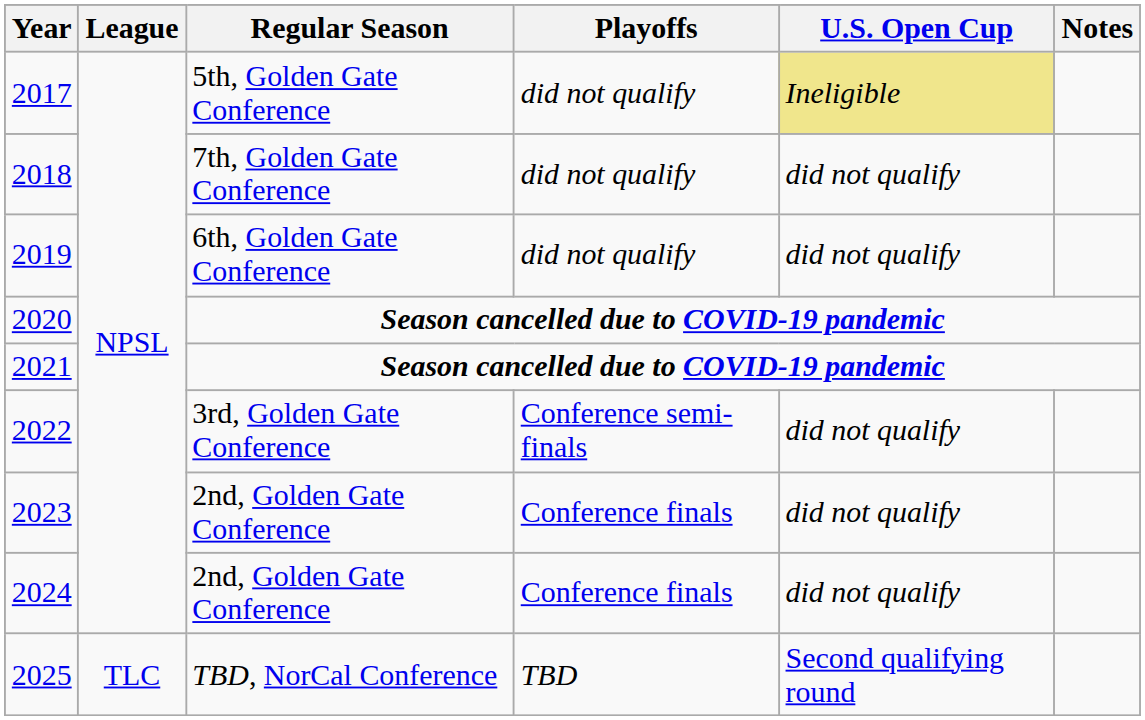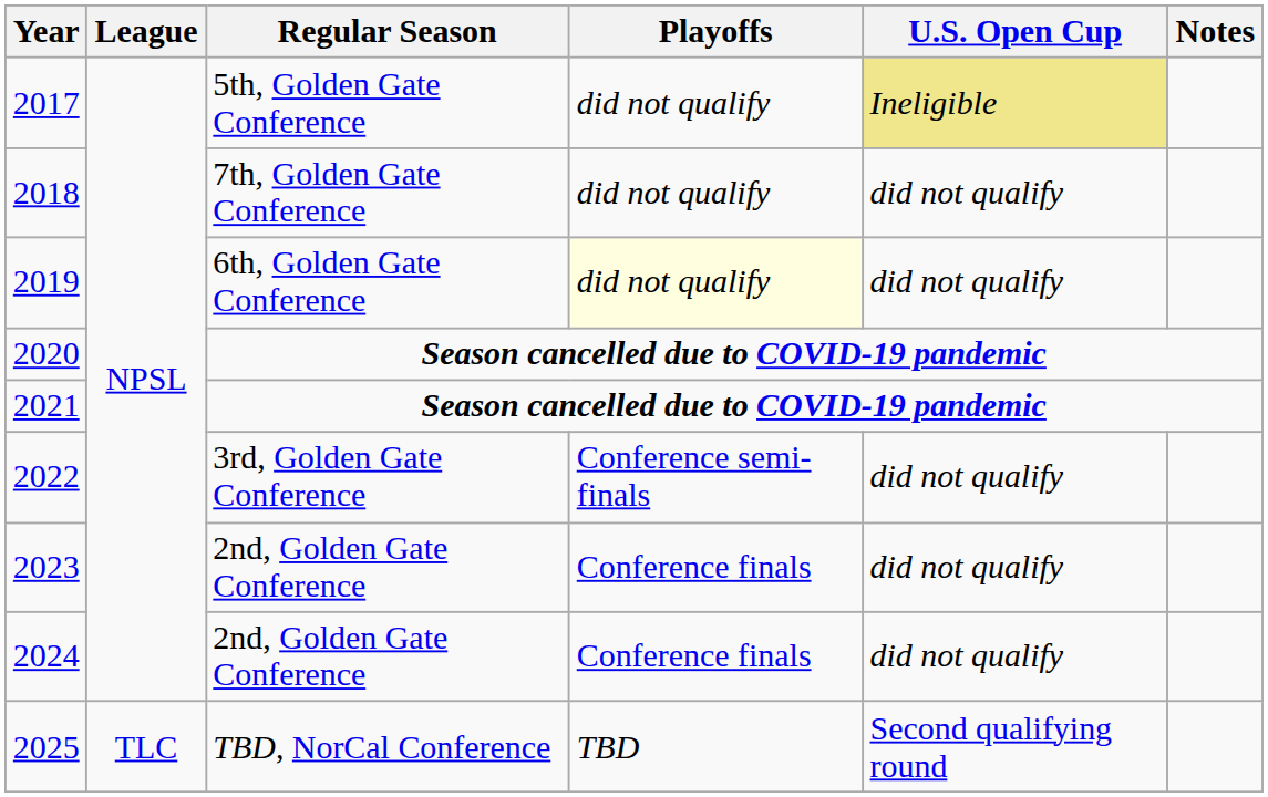 <table class="wikitable">
 <tr>
 <th>Year</th>
 <th>League</th>
 <th>Regular Season</th>
 <th>Playoffs</th>
 <th><a href='#'>U.S. Open Cup</a></th>
 <th>Notes</th>
 </tr>
 <tr>
 <td><a href='#'>2017</a></td>
 <td style="text-align:center;" rowspan="8"><a href='#'>NPSL</a></td>
 <td>5th, <a href='#'>Golden Gate Conference</a></td>
 <td><em>did not qualify</em></td>
 <td style="background: khaki;"><em>Ineligible</em></td>
 <td></td>
 </tr>
 <tr>
 <td><a href='#'>2018</a></td>
 <td>7th, <a href='#'>Golden Gate Conference</a></td>
 <td><em>did not qualify</em></td>
 <td><em>did not qualify</em></td>
 <td></td>
 </tr>
 <tr>
 <td><a href='#'>2019</a></td>
 <td>6th, <a href='#'>Golden Gate Conference</a></td>
-<td><em>did not qualify</em></td>
+<td style="background: lightyellow;"><em>did not qualify</em></td>
 <td><em>did not qualify</em></td>
 <td></td>
 </tr>
 <tr>
 <td><a href='#'>2020</a></td>
 <td colspan="4" style="text-align:center;"><strong><em>Season cancelled due to <a href='#'>COVID-19 pandemic</a></em></strong></td>
 </tr>
 <tr>
 <td><a href='#'>2021</a></td>
 <td colspan="4" style="text-align:center;"><strong><em>Season cancelled due to <a href='#'>COVID-19 pandemic</a></em></strong></td>
 </tr>
 <tr>
 <td><a href='#'>2022</a></td>
 <td>3rd, <a href='#'>Golden Gate Conference</a></td>
 <td><a href='#'>Conference semi-finals</a></td>
 <td><em>did not qualify</em></td>
 <td></td>
 </tr>
 <tr>
 <td><a href='#'>2023</a></td>
 <td>2nd, <a href='#'>Golden Gate Conference</a></td>
 <td><a href='#'>Conference finals</a></td>
 <td><em>did not qualify</em></td>
 <td></td>
 </tr>
 <tr>
 <td><a href='#'>2024</a></td>
 <td>2nd, <a href='#'>Golden Gate Conference</a></td>
 <td><a href='#'>Conference finals</a></td>
 <td><em>did not qualify</em></td>
 <td></td>
 </tr>
 <tr>
 <td><a href='#'>2025</a></td>
 <td style="text-align:center;"><a href='#'>TLC</a></td>
 <td><em>TBD</em>, <a href='#'>NorCal Conference</a></td>
 <td><em>TBD</em></td>
 <td><a href='#'>Second qualifying round</a></td>
 <td></td>
 </tr>
 <tr>
 </tr>
 </table>
